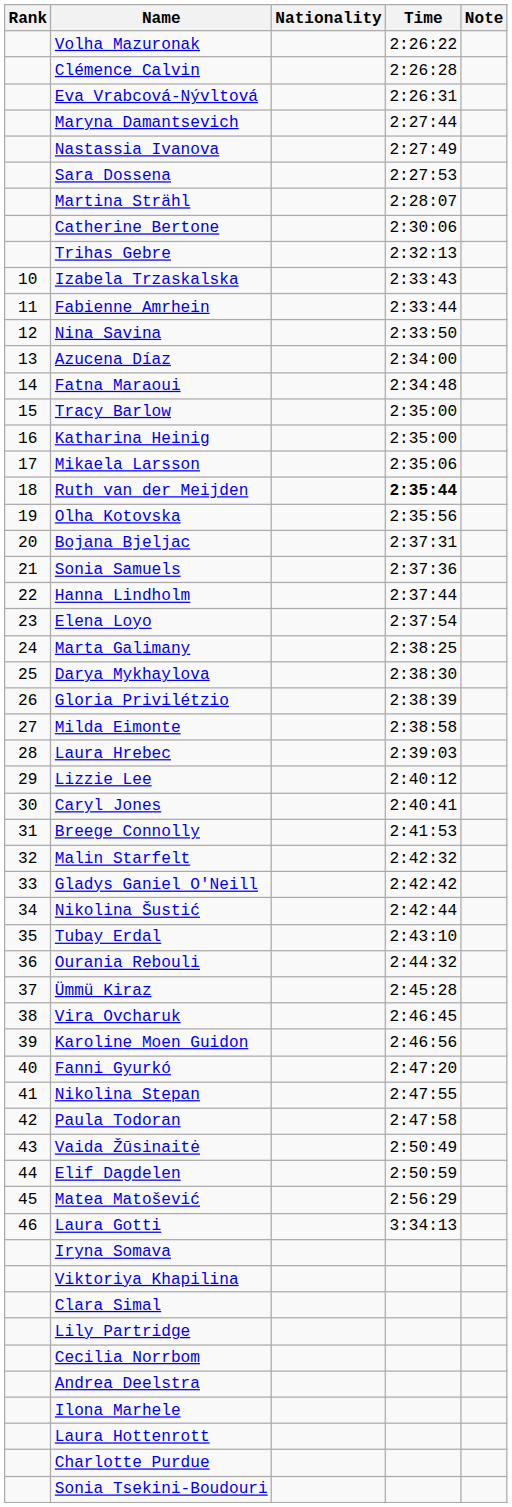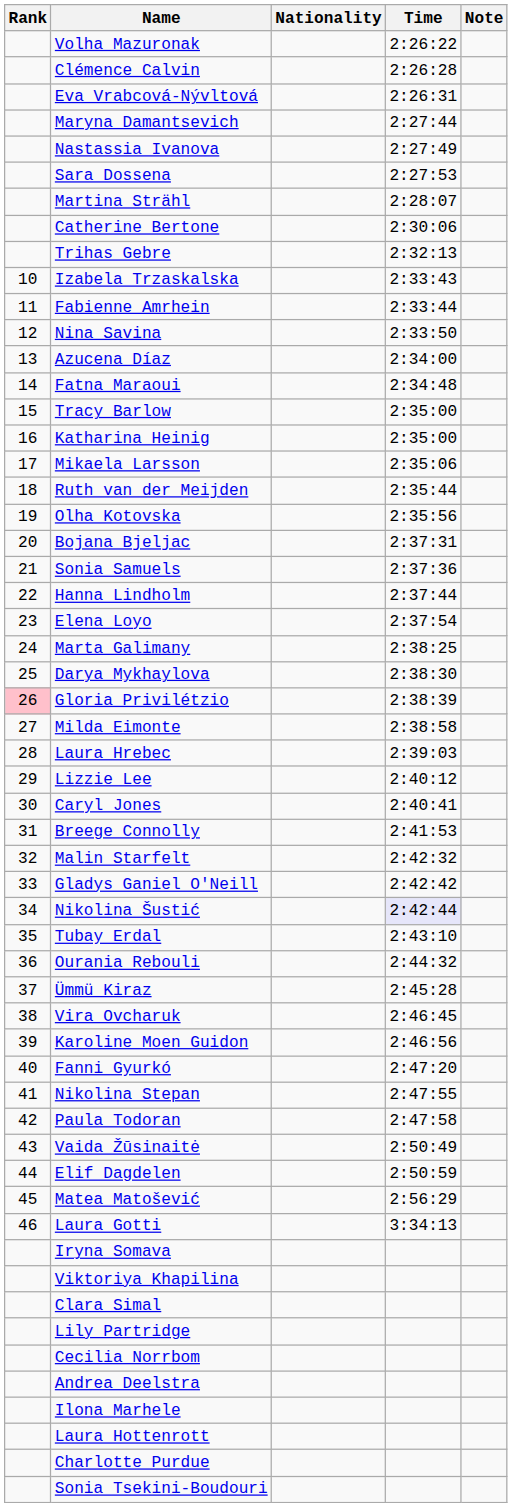 <table class="wikitable sortable">
 <tr>
 <th>Rank</th>
 <th>Name</th>
 <th>Nationality</th>
 <th>Time</th>
 <th>Note</th>
 </tr>
 <tr>
 <td align=center></td>
 <td><a href='#'>Volha Mazuronak</a></td>
 <td></td>
 <td>2:26:22</td>
 <td></td>
 </tr>
 <tr>
 <td align=center></td>
 <td><a href='#'>Clémence Calvin</a></td>
 <td></td>
 <td>2:26:28</td>
 <td></td>
 </tr>
 <tr>
 <td align=center></td>
 <td><a href='#'>Eva Vrabcová-Nývltová</a></td>
 <td></td>
 <td>2:26:31</td>
 <td><strong></strong></td>
 </tr>
 <tr>
 <td align=center></td>
 <td><a href='#'>Maryna Damantsevich</a></td>
 <td></td>
 <td>2:27:44</td>
 <td></td>
 </tr>
 <tr>
 <td align=center></td>
 <td><a href='#'>Nastassia Ivanova</a></td>
 <td></td>
 <td>2:27:49</td>
 <td></td>
 </tr>
 <tr>
 <td align=center></td>
 <td><a href='#'>Sara Dossena</a></td>
 <td></td>
 <td>2:27:53</td>
 <td></td>
 </tr>
 <tr>
 <td align=center></td>
 <td><a href='#'>Martina Strähl</a></td>
 <td></td>
 <td>2:28:07</td>
 <td></td>
 </tr>
 <tr>
 <td align=center></td>
 <td><a href='#'>Catherine Bertone</a></td>
 <td></td>
 <td>2:30:06</td>
 <td></td>
 </tr>
 <tr>
 <td align=center></td>
 <td><a href='#'>Trihas Gebre</a></td>
 <td></td>
 <td>2:32:13</td>
 <td></td>
 </tr>
 <tr>
 <td align=center>10</td>
 <td><a href='#'>Izabela Trzaskalska</a></td>
 <td></td>
 <td>2:33:43</td>
 <td></td>
 </tr>
 <tr>
 <td align=center>11</td>
 <td><a href='#'>Fabienne Amrhein</a></td>
 <td></td>
 <td>2:33:44</td>
 <td></td>
 </tr>
 <tr>
 <td align=center>12</td>
 <td><a href='#'>Nina Savina</a></td>
 <td></td>
 <td>2:33:50</td>
 <td></td>
 </tr>
 <tr>
 <td align=center>13</td>
 <td><a href='#'>Azucena Díaz</a></td>
 <td></td>
 <td>2:34:00</td>
 <td></td>
 </tr>
 <tr>
 <td align=center>14</td>
 <td><a href='#'>Fatna Maraoui</a></td>
 <td></td>
 <td>2:34:48</td>
 <td></td>
 </tr>
 <tr>
 <td align=center>15</td>
 <td><a href='#'>Tracy Barlow</a></td>
 <td></td>
 <td>2:35:00</td>
 <td></td>
 </tr>
 <tr>
 <td align=center>16</td>
 <td><a href='#'>Katharina Heinig</a></td>
 <td></td>
 <td>2:35:00</td>
 <td></td>
 </tr>
 <tr>
 <td align=center>17</td>
 <td><a href='#'>Mikaela Larsson</a></td>
 <td></td>
 <td>2:35:06</td>
 <td></td>
 </tr>
 <tr>
 <td align=center>18</td>
 <td><a href='#'>Ruth van der Meijden</a></td>
 <td></td>
-<td><strong>2:35:44</strong></td>
+<td>2:35:44</td>
 <td></td>
 </tr>
 <tr>
 <td align=center>19</td>
 <td><a href='#'>Olha Kotovska</a></td>
 <td></td>
 <td>2:35:56</td>
 <td></td>
 </tr>
 <tr>
 <td align=center>20</td>
 <td><a href='#'>Bojana Bjeljac</a></td>
 <td></td>
 <td>2:37:31</td>
 <td></td>
 </tr>
 <tr>
 <td align=center>21</td>
 <td><a href='#'>Sonia Samuels</a></td>
 <td></td>
 <td>2:37:36</td>
 <td></td>
 </tr>
 <tr>
 <td align=center>22</td>
 <td><a href='#'>Hanna Lindholm</a></td>
 <td></td>
 <td>2:37:44</td>
 <td></td>
 </tr>
 <tr>
 <td align=center>23</td>
 <td><a href='#'>Elena Loyo</a></td>
 <td></td>
 <td>2:37:54</td>
 <td></td>
 </tr>
 <tr>
 <td align=center>24</td>
 <td><a href='#'>Marta Galimany</a></td>
 <td></td>
 <td>2:38:25</td>
 <td></td>
 </tr>
 <tr>
 <td align=center>25</td>
 <td><a href='#'>Darya Mykhaylova</a></td>
 <td></td>
 <td>2:38:30</td>
 <td></td>
 </tr>
 <tr>
-<td align=center>26</td>
+<td align=center style="background: pink;">26</td>
 <td><a href='#'>Gloria Privilétzio</a></td>
 <td></td>
 <td>2:38:39</td>
 <td></td>
 </tr>
 <tr>
 <td align=center>27</td>
 <td><a href='#'>Milda Eimonte</a></td>
 <td></td>
 <td>2:38:58</td>
 <td></td>
 </tr>
 <tr>
 <td align=center>28</td>
 <td><a href='#'>Laura Hrebec</a></td>
 <td></td>
 <td>2:39:03</td>
 <td></td>
 </tr>
 <tr>
 <td align=center>29</td>
 <td><a href='#'>Lizzie Lee</a></td>
 <td></td>
 <td>2:40:12</td>
 <td></td>
 </tr>
 <tr>
 <td align=center>30</td>
 <td><a href='#'>Caryl Jones</a></td>
 <td></td>
 <td>2:40:41</td>
 <td></td>
 </tr>
 <tr>
 <td align=center>31</td>
 <td><a href='#'>Breege Connolly</a></td>
 <td></td>
 <td>2:41:53</td>
 <td></td>
 </tr>
 <tr>
 <td align=center>32</td>
 <td><a href='#'>Malin Starfelt</a></td>
 <td></td>
 <td>2:42:32</td>
 <td></td>
 </tr>
 <tr>
 <td align=center>33</td>
 <td><a href='#'>Gladys Ganiel O'Neill</a></td>
 <td></td>
 <td>2:42:42</td>
 <td></td>
 </tr>
 <tr>
 <td align=center>34</td>
 <td><a href='#'>Nikolina Šustić</a></td>
 <td></td>
-<td>2:42:44</td>
+<td style="background: lavender;">2:42:44</td>
 <td></td>
 </tr>
 <tr>
 <td align=center>35</td>
 <td><a href='#'>Tubay Erdal</a></td>
 <td></td>
 <td>2:43:10</td>
 <td></td>
 </tr>
 <tr>
 <td align=center>36</td>
 <td><a href='#'>Ourania Rebouli</a></td>
 <td></td>
 <td>2:44:32</td>
 <td></td>
 </tr>
 <tr>
 <td align=center>37</td>
 <td><a href='#'>Ümmü Kiraz</a></td>
 <td></td>
 <td>2:45:28</td>
 <td></td>
 </tr>
 <tr>
 <td align=center>38</td>
 <td><a href='#'>Vira Ovcharuk</a></td>
 <td></td>
 <td>2:46:45</td>
 <td></td>
 </tr>
 <tr>
 <td align=center>39</td>
 <td><a href='#'>Karoline Moen Guidon</a></td>
 <td></td>
 <td>2:46:56</td>
 <td></td>
 </tr>
 <tr>
 <td align=center>40</td>
 <td><a href='#'>Fanni Gyurkó</a></td>
 <td></td>
 <td>2:47:20</td>
 <td></td>
 </tr>
 <tr>
 <td align=center>41</td>
 <td><a href='#'>Nikolina Stepan</a></td>
 <td></td>
 <td>2:47:55</td>
 <td></td>
 </tr>
 <tr>
 <td align=center>42</td>
 <td><a href='#'>Paula Todoran</a></td>
 <td></td>
 <td>2:47:58</td>
 <td></td>
 </tr>
 <tr>
 <td align=center>43</td>
 <td><a href='#'>Vaida Žūsinaitė</a></td>
 <td></td>
 <td>2:50:49</td>
 <td></td>
 </tr>
 <tr>
 <td align=center>44</td>
 <td><a href='#'>Elif Dagdelen</a></td>
 <td></td>
 <td>2:50:59</td>
 <td></td>
 </tr>
 <tr>
 <td align=center>45</td>
 <td><a href='#'>Matea Matošević</a></td>
 <td></td>
 <td>2:56:29</td>
 <td></td>
 </tr>
 <tr>
 <td align=center>46</td>
 <td><a href='#'>Laura Gotti</a></td>
 <td></td>
 <td>3:34:13</td>
 <td></td>
 </tr>
 <tr>
 <td align=center></td>
 <td><a href='#'>Iryna Somava</a></td>
 <td align=left></td>
 <td></td>
 <td></td>
 </tr>
 <tr>
 <td align=center></td>
 <td><a href='#'>Viktoriya Khapilina</a></td>
 <td align=left></td>
 <td></td>
 <td></td>
 </tr>
 <tr>
 <td align=center></td>
 <td><a href='#'>Clara Simal</a></td>
 <td align=left></td>
 <td></td>
 <td></td>
 </tr>
 <tr>
 <td align=center></td>
 <td><a href='#'>Lily Partridge</a></td>
 <td align=left></td>
 <td></td>
 <td></td>
 </tr>
 <tr>
 <td align=center></td>
 <td><a href='#'>Cecilia Norrbom</a></td>
 <td align=left></td>
 <td></td>
 <td></td>
 </tr>
 <tr>
 <td align=center></td>
 <td><a href='#'>Andrea Deelstra</a></td>
 <td align=left></td>
 <td></td>
 <td></td>
 </tr>
 <tr>
 <td align=center></td>
 <td><a href='#'>Ilona Marhele</a></td>
 <td align=left></td>
 <td></td>
 <td></td>
 </tr>
 <tr>
 <td align=center></td>
 <td><a href='#'>Laura Hottenrott</a></td>
 <td align=left></td>
 <td></td>
 <td></td>
 </tr>
 <tr>
 <td align=center></td>
 <td><a href='#'>Charlotte Purdue</a></td>
 <td align=left></td>
 <td></td>
 <td></td>
 </tr>
 <tr>
 <td align=center></td>
 <td><a href='#'>Sonia Tsekini-Boudouri</a></td>
 <td align=left></td>
 <td></td>
 <td></td>
 </tr>
 </table>
